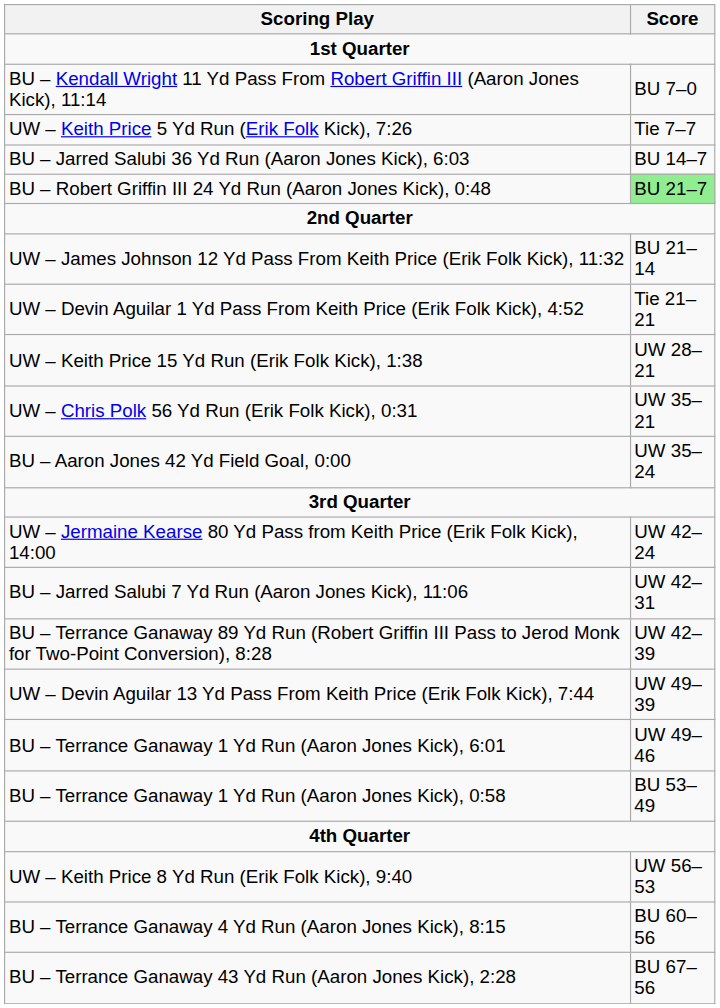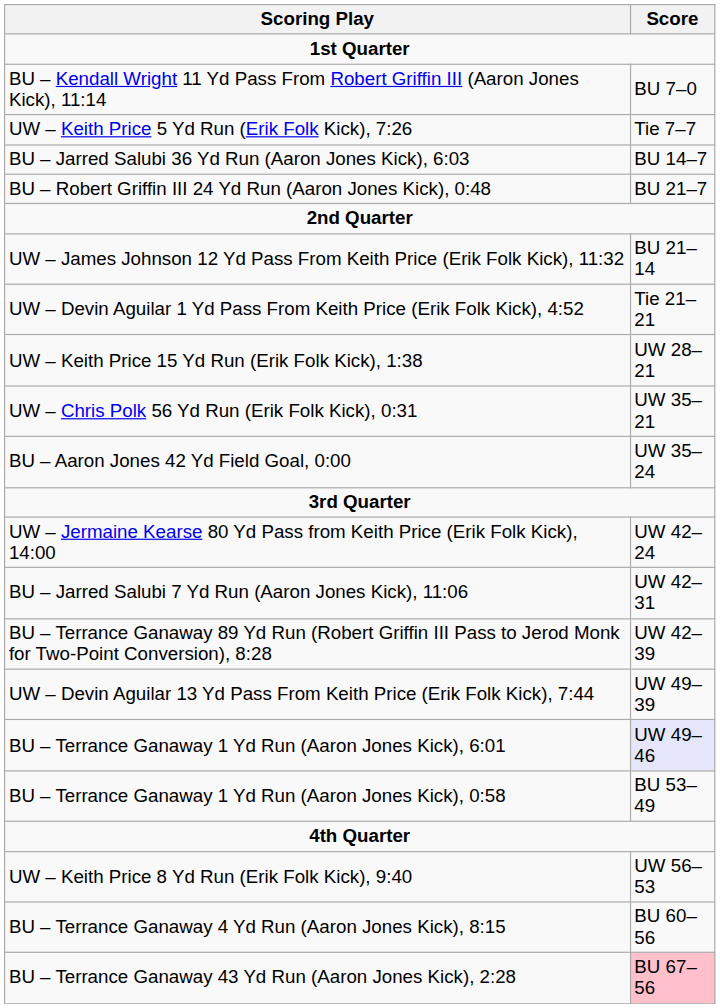 <table class="wikitable">
 <tr>
 <th>Scoring Play</th>
 <th>Score</th>
 </tr>
 <tr>
 <td colspan="4" align="center"><strong>1st Quarter</strong></td>
 </tr>
 <tr>
 <td>BU – <a href='#'>Kendall Wright</a> 11 Yd Pass From <a href='#'>Robert Griffin III</a> (Aaron Jones Kick), 11:14</td>
 <td>BU 7–0</td>
 </tr>
 <tr>
 <td>UW – <a href='#'>Keith Price</a> 5 Yd Run (<a href='#'>Erik Folk</a> Kick), 7:26</td>
 <td>Tie 7–7</td>
 </tr>
 <tr>
 <td>BU – Jarred Salubi 36 Yd Run (Aaron Jones Kick), 6:03</td>
 <td>BU 14–7</td>
 </tr>
 <tr>
 <td>BU – Robert Griffin III 24 Yd Run (Aaron Jones Kick), 0:48</td>
-<td style="background: lightgreen;">BU 21–7</td>
+<td>BU 21–7</td>
 </tr>
 <tr>
 <td colspan="4" align="center"><strong>2nd Quarter</strong></td>
 </tr>
 <tr>
 <td>UW – James Johnson 12 Yd Pass From Keith Price (Erik Folk Kick), 11:32</td>
 <td>BU 21–14</td>
 </tr>
 <tr>
 <td>UW – Devin Aguilar 1 Yd Pass From Keith Price (Erik Folk Kick), 4:52</td>
 <td>Tie 21–21</td>
 </tr>
 <tr>
 <td>UW – Keith Price 15 Yd Run (Erik Folk Kick), 1:38</td>
 <td>UW 28–21</td>
 </tr>
 <tr>
 <td>UW – <a href='#'>Chris Polk</a> 56 Yd Run (Erik Folk Kick), 0:31</td>
 <td>UW 35–21</td>
 </tr>
 <tr>
 <td>BU – Aaron Jones 42 Yd Field Goal, 0:00</td>
 <td>UW 35–24</td>
 </tr>
 <tr>
 <td colspan="4" align="center"><strong>3rd Quarter</strong></td>
 </tr>
 <tr>
 <td>UW – <a href='#'>Jermaine Kearse</a> 80 Yd Pass from Keith Price (Erik Folk Kick), 14:00</td>
 <td>UW 42–24</td>
 </tr>
 <tr>
 <td>BU – Jarred Salubi 7 Yd Run (Aaron Jones Kick), 11:06</td>
 <td>UW 42–31</td>
 </tr>
 <tr>
 <td>BU – Terrance Ganaway 89 Yd Run (Robert Griffin III Pass to Jerod Monk for Two-Point Conversion), 8:28</td>
 <td>UW 42–39</td>
 </tr>
 <tr>
 <td>UW – Devin Aguilar 13 Yd Pass From Keith Price (Erik Folk Kick), 7:44</td>
 <td>UW 49–39</td>
 </tr>
 <tr>
 <td>BU – Terrance Ganaway 1 Yd Run (Aaron Jones Kick), 6:01</td>
-<td>UW 49–46</td>
+<td style="background: lavender;">UW 49–46</td>
 </tr>
 <tr>
 <td>BU – Terrance Ganaway 1 Yd Run (Aaron Jones Kick), 0:58</td>
 <td>BU 53–49</td>
 </tr>
 <tr>
 <td colspan="4" align="center"><strong>4th Quarter</strong></td>
 </tr>
 <tr>
 <td>UW – Keith Price 8 Yd Run (Erik Folk Kick), 9:40</td>
 <td>UW 56–53</td>
 </tr>
 <tr>
 <td>BU – Terrance Ganaway 4 Yd Run (Aaron Jones Kick), 8:15</td>
 <td>BU 60–56</td>
 </tr>
 <tr>
 <td>BU – Terrance Ganaway 43 Yd Run (Aaron Jones Kick), 2:28</td>
-<td>BU 67–56</td>
+<td style="background: pink;">BU 67–56</td>
 </tr>
 </table>
